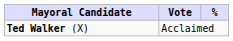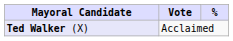 <table class="wikitable">
 <tr>
 <th style="background:#ddf; width:200px;">Mayoral Candidate</th>
 <th style="background:#ddf; width:50px;">Vote</th>
 <th style="background:#ddf; width:30px;">%</th>
 </tr>
 <tr>
-<td><strong>Ted Walker</strong> (X)</td>
+<td style="background: lavender;"><strong>Ted Walker</strong> (X)</td>
 <td colspan="2">Acclaimed</td>
 </tr>
 </table>
